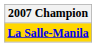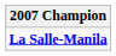 <table class=wikitable style="text-align:center; margin:auto">
 <tr>
 <th>2007 Champion</th>
 </tr>
 <tr>
-<td style="background: gold;"><strong><a href='#'>La Salle-Manila</a></strong><br></td>
+<td><strong><a href='#'>La Salle-Manila</a></strong><br></td>
 </tr>
 </table>
